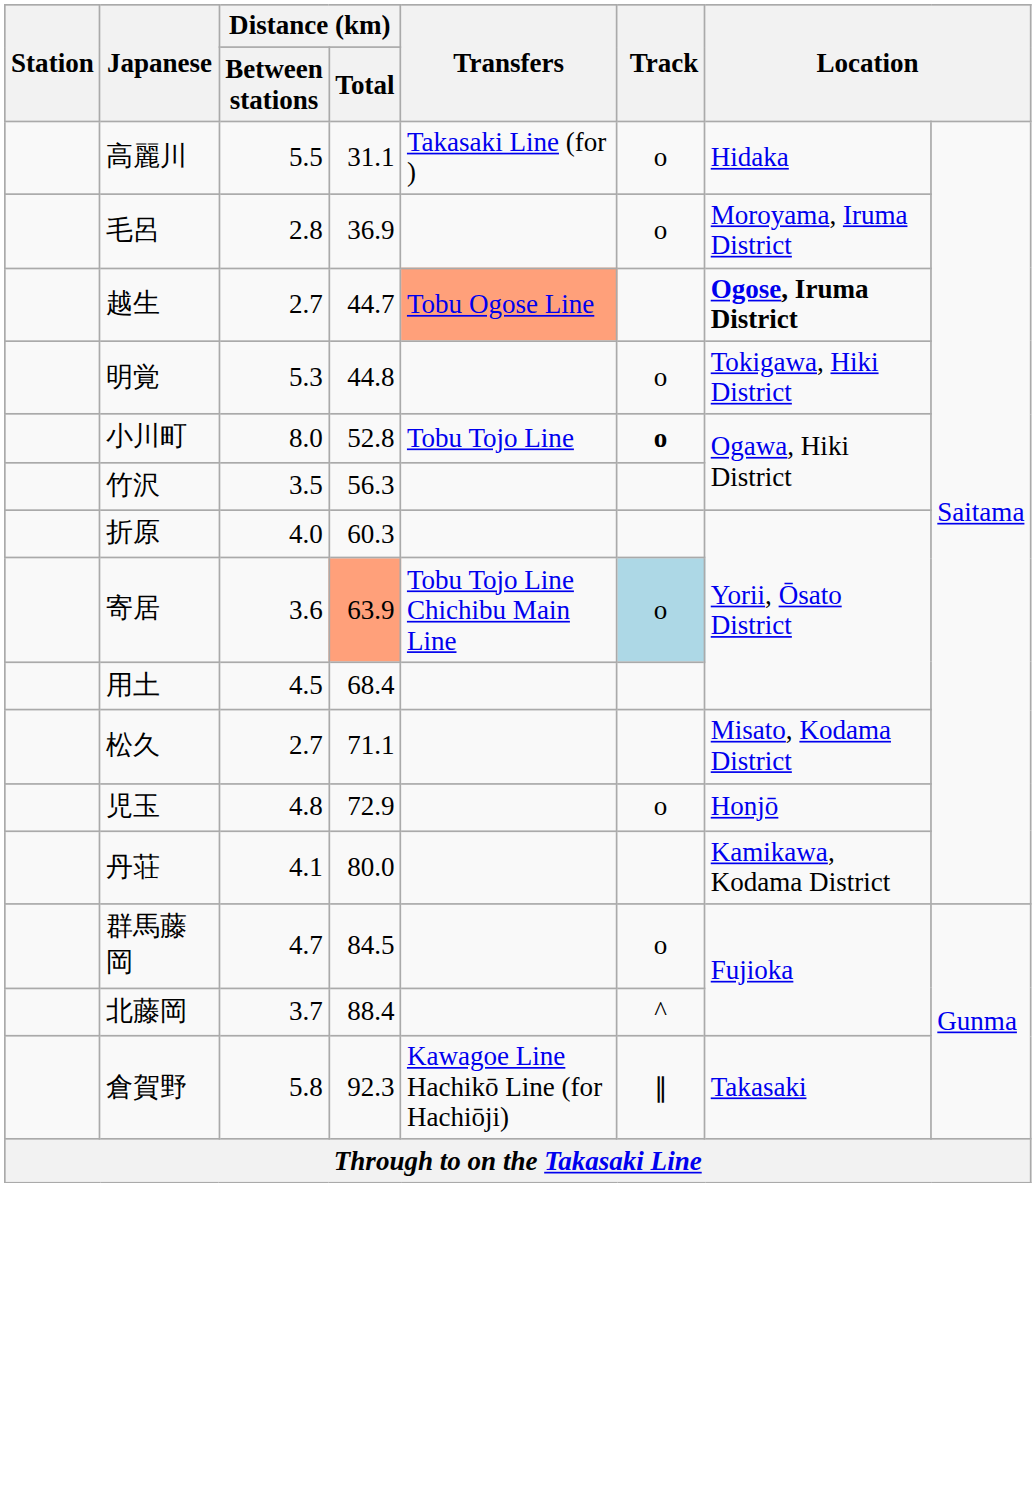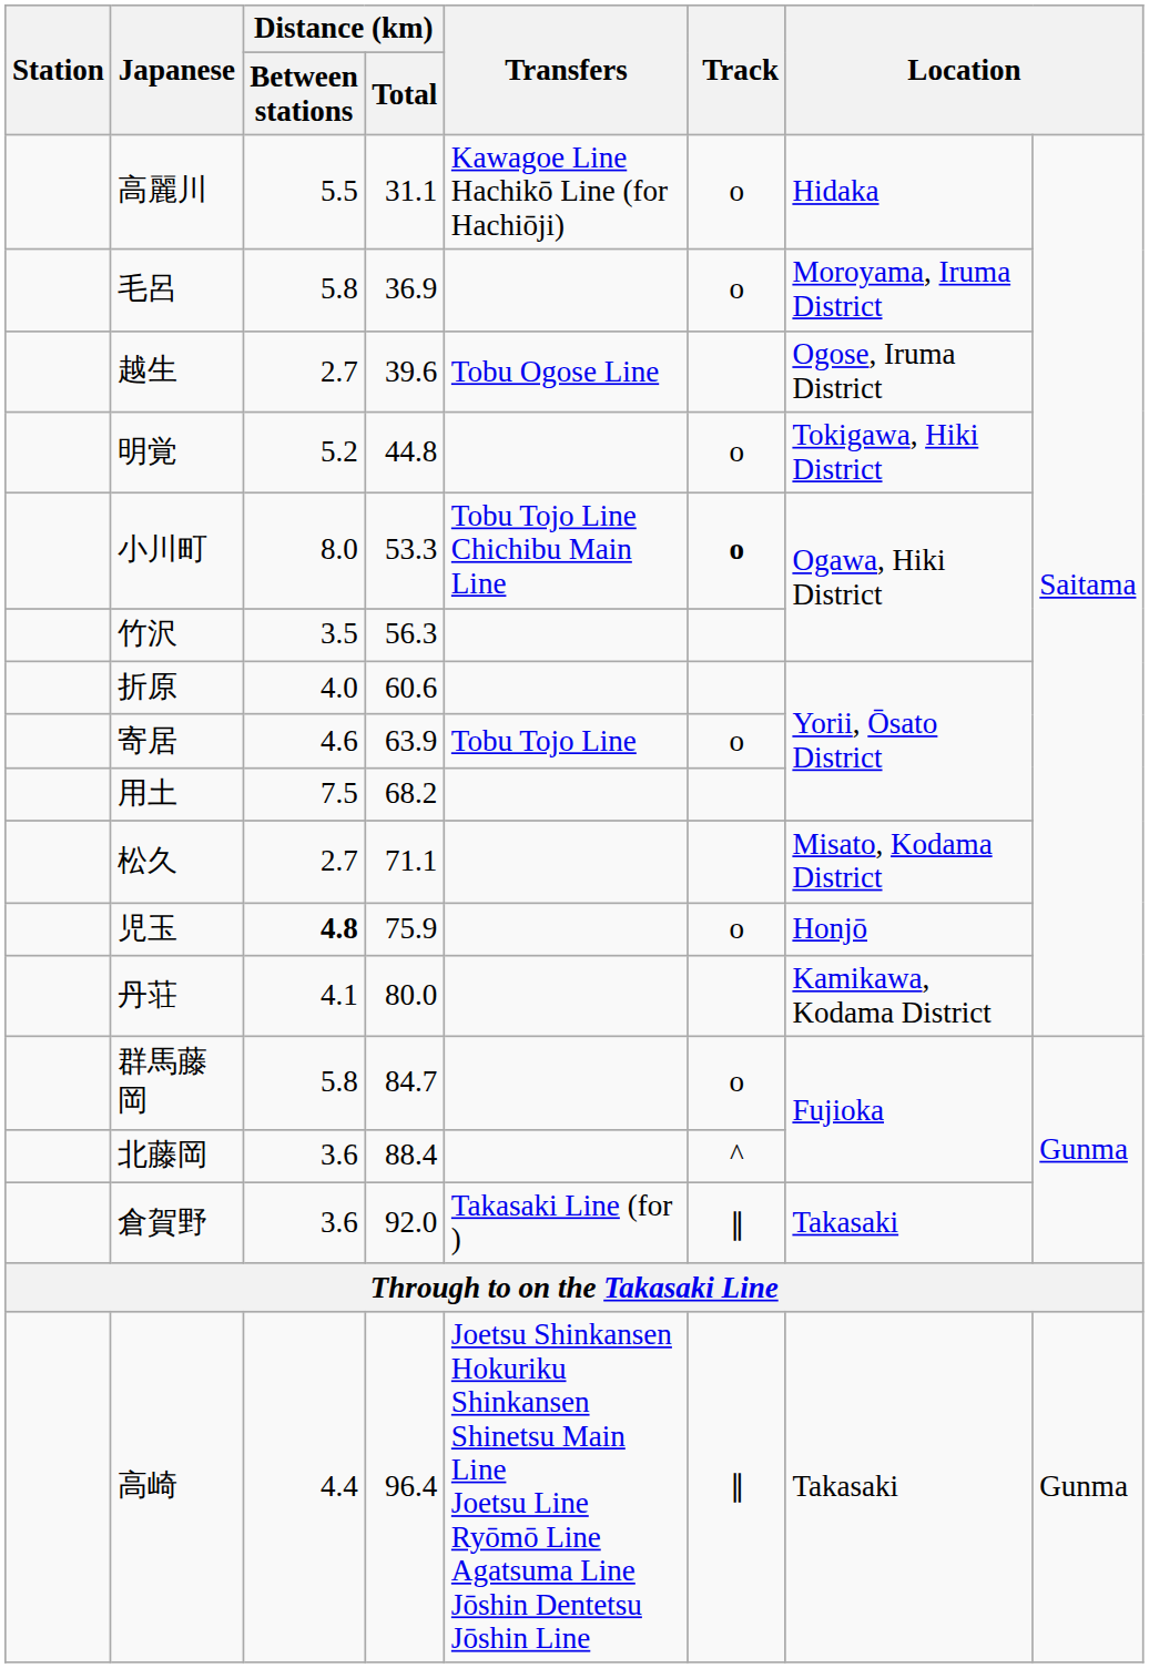 <table class="wikitable" rules="all">
 <tr>
 <th rowspan="2">Station</th>
 <th rowspan="2">Japanese</th>
 <th colspan="2">Distance (km)</th>
 <th rowspan="2">Transfers</th>
 <th rowspan="2"> Track</th>
 <th colspan="2" rowspan="2">Location</th>
 </tr>
 <tr>
 <th>Between<br>stations</th>
 <th>Total</th>
 </tr>
 <tr>
 <td></td>
 <td>高麗川</td>
 <td style="text-align:right;">5.5</td>
 <td style="text-align:right;">31.1</td>
-<td> <a href='#'>Takasaki Line</a> (for )</td>
+<td> <a href='#'>Kawagoe Line</a><br> Hachikō Line (for Hachiōji)</td>
 <td style="text-align:center;">o</td>
 <td><a href='#'>Hidaka</a></td>
 <td rowspan="12"><a href='#'>Saitama</a></td>
 </tr>
 <tr>
 <td></td>
 <td>毛呂</td>
-<td style="text-align:right;">2.8</td>
+<td style="text-align:right;">5.8</td>
 <td style="text-align:right;">36.9</td>
 <td> </td>
 <td style="text-align:center;">o</td>
 <td><a href='#'>Moroyama</a>, <a href='#'>Iruma District</a></td>
 </tr>
 <tr>
 <td></td>
 <td>越生</td>
 <td style="text-align:right;">2.7</td>
-<td style="text-align:right;">44.7</td>
-<td style="background: lightsalmon;"> <a href='#'>Tobu Ogose Line</a></td>
+<td style="text-align:right;">39.6</td>
+<td> <a href='#'>Tobu Ogose Line</a></td>
 <td style="text-align:center;"></td>
-<td><strong><a href='#'>Ogose</a>, Iruma District</strong></td>
+<td><a href='#'>Ogose</a>, Iruma District</td>
 </tr>
 <tr>
 <td></td>
 <td>明覚</td>
-<td style="text-align:right;">5.3</td>
+<td style="text-align:right;">5.2</td>
 <td style="text-align:right;">44.8</td>
 <td> </td>
 <td style="text-align:center;">o</td>
 <td><a href='#'>Tokigawa</a>, <a href='#'>Hiki District</a></td>
 </tr>
 <tr>
 <td></td>
 <td>小川町</td>
 <td style="text-align:right;">8.0</td>
-<td style="text-align:right;">52.8</td>
-<td> <a href='#'>Tobu Tojo Line</a></td>
+<td style="text-align:right;">53.3</td>
+<td> <a href='#'>Tobu Tojo Line</a><br> <a href='#'>Chichibu Main Line</a></td>
 <td style="text-align:center;"><strong>o</strong></td>
 <td rowspan="2"><a href='#'>Ogawa</a>, Hiki District</td>
 </tr>
 <tr>
 <td></td>
 <td>竹沢</td>
 <td style="text-align:right;">3.5</td>
 <td style="text-align:right;">56.3</td>
 <td> </td>
 <td style="text-align:center;"></td>
 </tr>
 <tr>
 <td></td>
 <td>折原</td>
 <td style="text-align:right;">4.0</td>
-<td style="text-align:right;">60.3</td>
+<td style="text-align:right;">60.6</td>
 <td> </td>
 <td style="text-align:center;"></td>
 <td rowspan="3"><a href='#'>Yorii</a>, <a href='#'>Ōsato District</a></td>
 </tr>
 <tr>
 <td></td>
 <td>寄居</td>
-<td style="text-align:right;">3.6</td>
-<td style="background: lightsalmon; text-align:right;">63.9</td>
-<td> <a href='#'>Tobu Tojo Line</a><br> <a href='#'>Chichibu Main Line</a></td>
-<td style="background: lightblue; text-align:center;">o</td>
+<td style="text-align:right;">4.6</td>
+<td style="text-align:right;">63.9</td>
+<td> <a href='#'>Tobu Tojo Line</a></td>
+<td style="text-align:center;">o</td>
 </tr>
 <tr>
 <td></td>
 <td>用土</td>
-<td style="text-align:right;">4.5</td>
-<td style="text-align:right;">68.4</td>
+<td style="text-align:right;">7.5</td>
+<td style="text-align:right;">68.2</td>
 <td> </td>
 <td style="text-align:center;"></td>
 </tr>
 <tr>
 <td></td>
 <td>松久</td>
 <td style="text-align:right;">2.7</td>
 <td style="text-align:right;">71.1</td>
 <td> </td>
 <td style="text-align:center;"></td>
 <td><a href='#'>Misato</a>, <a href='#'>Kodama District</a></td>
 </tr>
 <tr>
 <td></td>
 <td>児玉</td>
-<td style="text-align:right;">4.8</td>
-<td style="text-align:right;">72.9</td>
+<td style="text-align:right;"><strong>4.8</strong></td>
+<td style="text-align:right;">75.9</td>
 <td> </td>
 <td style="text-align:center;">o</td>
 <td><a href='#'>Honjō</a></td>
 </tr>
 <tr>
 <td></td>
 <td>丹荘</td>
 <td style="text-align:right;">4.1</td>
 <td style="text-align:right;">80.0</td>
 <td> </td>
 <td style="text-align:center;"></td>
 <td><a href='#'>Kamikawa</a>, Kodama District</td>
 </tr>
 <tr>
 <td></td>
 <td>群馬藤岡</td>
-<td style="text-align:right;">4.7</td>
-<td style="text-align:right;">84.5</td>
+<td style="text-align:right;">5.8</td>
+<td style="text-align:right;">84.7</td>
 <td> </td>
 <td style="text-align:center;">o</td>
 <td rowspan="2"><a href='#'>Fujioka</a></td>
 <td rowspan="3"><a href='#'>Gunma</a></td>
 </tr>
 <tr>
 <td></td>
 <td>北藤岡</td>
-<td style="text-align:right;">3.7</td>
+<td style="text-align:right;">3.6</td>
 <td style="text-align:right;">88.4</td>
 <td> </td>
 <td style="text-align:center;">^</td>
 </tr>
 <tr>
 <td></td>
 <td>倉賀野</td>
-<td style="text-align:right;">5.8</td>
-<td style="text-align:right;">92.3</td>
-<td> <a href='#'>Kawagoe Line</a><br> Hachikō Line (for Hachiōji)</td>
+<td style="text-align:right;">3.6</td>
+<td style="text-align:right;">92.0</td>
+<td> <a href='#'>Takasaki Line</a> (for )</td>
 <td style="text-align:center;">∥</td>
 <td><a href='#'>Takasaki</a></td>
 </tr>
 <tr>
 <th colspan="8" style="text-align:center;"><em>Through to  on the <a href='#'>Takasaki Line</a></em></th>
 </tr>
+<tr>
+<td></td>
+<td>高崎</td>
+<td style="text-align:right;">4.4</td>
+<td style="text-align:right;">96.4</td>
+<td> <a href='#'>Joetsu Shinkansen</a><br> <a href='#'>Hokuriku Shinkansen</a><br> <a href='#'>Shinetsu Main Line</a><br> <a href='#'>Joetsu Line</a><br>  <a href='#'>Ryōmō Line</a><br> <a href='#'>Agatsuma Line</a><br> <a href='#'>Jōshin Dentetsu Jōshin Line</a></td>
+<td style="text-align:center;">∥</td>
+<td>Takasaki</td>
+<td>Gunma</td>
+</tr>
 </table>
